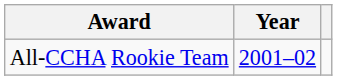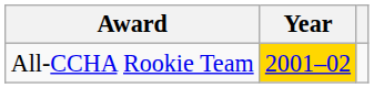 <table class="wikitable">
 <tr>
 <th>Award</th>
 <th>Year</th>
 <th></th>
 </tr>
 <tr>
 <td>All-<a href='#'>CCHA</a> <a href='#'>Rookie Team</a></td>
-<td><a href='#'>2001–02</a></td>
+<td style="background: gold;"><a href='#'>2001–02</a></td>
 <td></td>
 </tr>
 </table>
